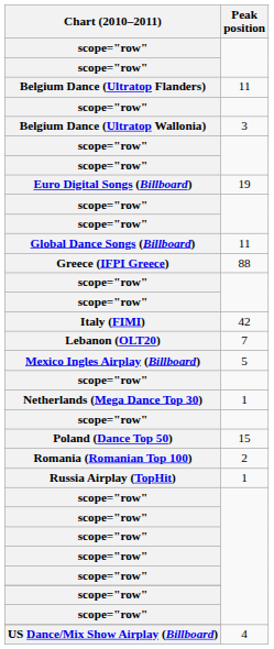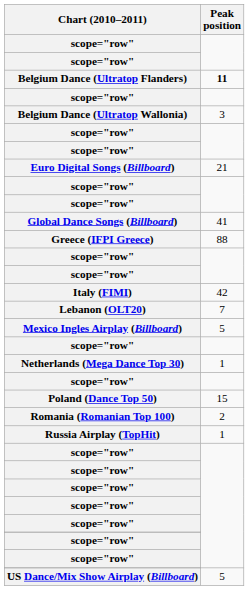 <table class="wikitable plainrowheaders sortable" style="text-align:center">
 <tr>
 <th scope="col">Chart (2010–2011)</th>
 <th scope="col">Peak<br>position</th>
 </tr>
 <tr>
 <th>scope="row"</th>
 </tr>
 <tr>
 <th>scope="row"</th>
 </tr>
 <tr>
 <th scope="row">Belgium Dance (<a href='#'>Ultratop</a> Flanders)</th>
-<td>11</td>
+<td><strong>11</strong></td>
 </tr>
 <tr>
 <th>scope="row"</th>
 </tr>
 <tr>
 <th scope="row">Belgium Dance (<a href='#'>Ultratop</a> Wallonia)</th>
 <td>3</td>
 </tr>
 <tr>
 <th>scope="row"</th>
 </tr>
 <tr>
 <th>scope="row"</th>
 </tr>
 <tr>
 <th scope="row"><a href='#'>Euro Digital Songs</a> (<em><a href='#'>Billboard</a></em>)</th>
-<td>19</td>
+<td>21</td>
 </tr>
 <tr>
 <th>scope="row"</th>
 </tr>
 <tr>
 <th>scope="row"</th>
 </tr>
 <tr>
 <th scope="row"><a href='#'>Global Dance Songs</a> (<em><a href='#'>Billboard</a></em>)</th>
-<td>11</td>
+<td>41</td>
 </tr>
 <tr>
 <th scope="row">Greece (<a href='#'>IFPI Greece</a>)</th>
 <td>88</td>
 </tr>
 <tr>
 <th>scope="row"</th>
 </tr>
 <tr>
 <th>scope="row"</th>
 </tr>
 <tr>
 <th scope="row">Italy (<a href='#'>FIMI</a>)</th>
 <td>42</td>
 </tr>
 <tr>
 <th scope="row">Lebanon (<a href='#'>OLT20</a>)</th>
 <td>7</td>
 </tr>
 <tr>
 <th scope="row"><a href='#'>Mexico Ingles Airplay</a> (<em><a href='#'>Billboard</a></em>)</th>
 <td>5</td>
 </tr>
 <tr>
 <th>scope="row"</th>
 </tr>
 <tr>
 <th scope="row">Netherlands (<a href='#'>Mega Dance Top 30</a>)</th>
 <td>1</td>
 </tr>
 <tr>
 <th>scope="row"</th>
 </tr>
 <tr>
 <th scope="row">Poland (<a href='#'>Dance Top 50</a>)</th>
 <td>15</td>
 </tr>
 <tr>
 <th scope="row">Romania (<a href='#'>Romanian Top 100</a>)</th>
 <td>2</td>
 </tr>
 <tr>
 <th scope="row">Russia Airplay (<a href='#'>TopHit</a>)</th>
 <td>1</td>
 </tr>
 <tr>
 <th>scope="row"</th>
 </tr>
 <tr>
 <th>scope="row"</th>
 </tr>
 <tr>
 <th>scope="row"</th>
 </tr>
 <tr>
 <th>scope="row"</th>
 </tr>
 <tr>
 <th>scope="row"</th>
 </tr>
 <tr>
 </tr>
 <tr>
 <th>scope="row"</th>
 </tr>
 <tr>
 <th>scope="row"</th>
 </tr>
 <tr>
 </tr>
 <tr>
 <th scope="row">US <a href='#'>Dance/Mix Show Airplay</a> (<em><a href='#'>Billboard</a></em>)</th>
-<td>4</td>
+<td>5</td>
 </tr>
 </table>
